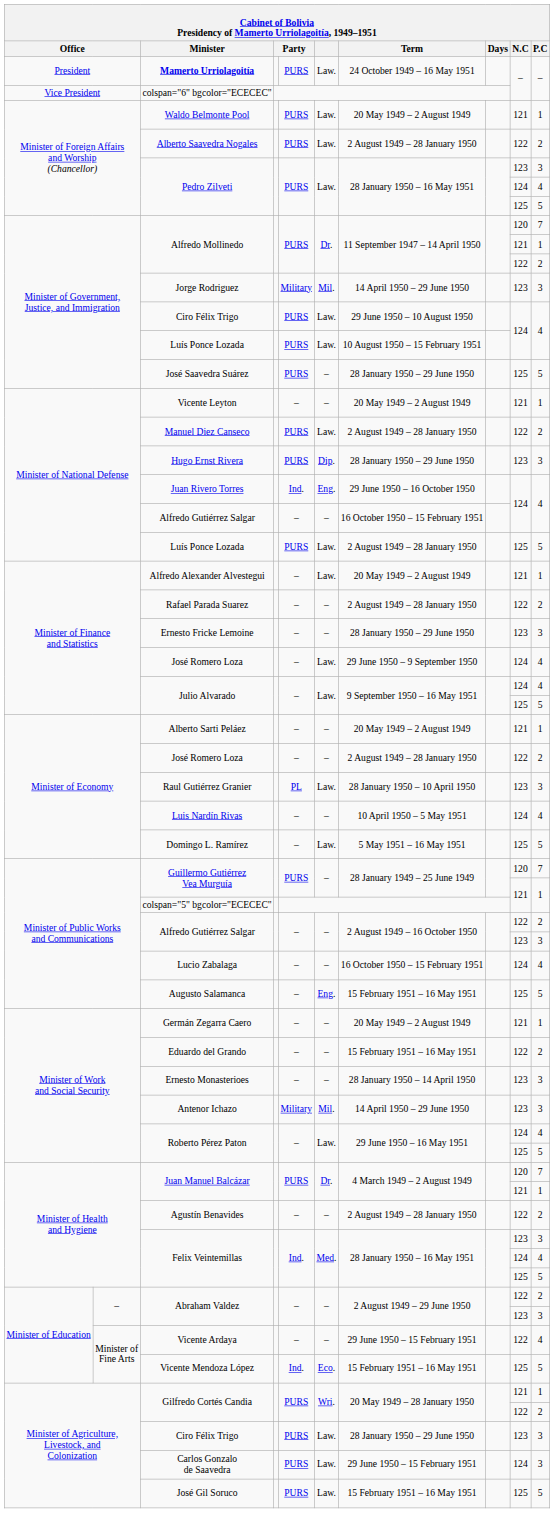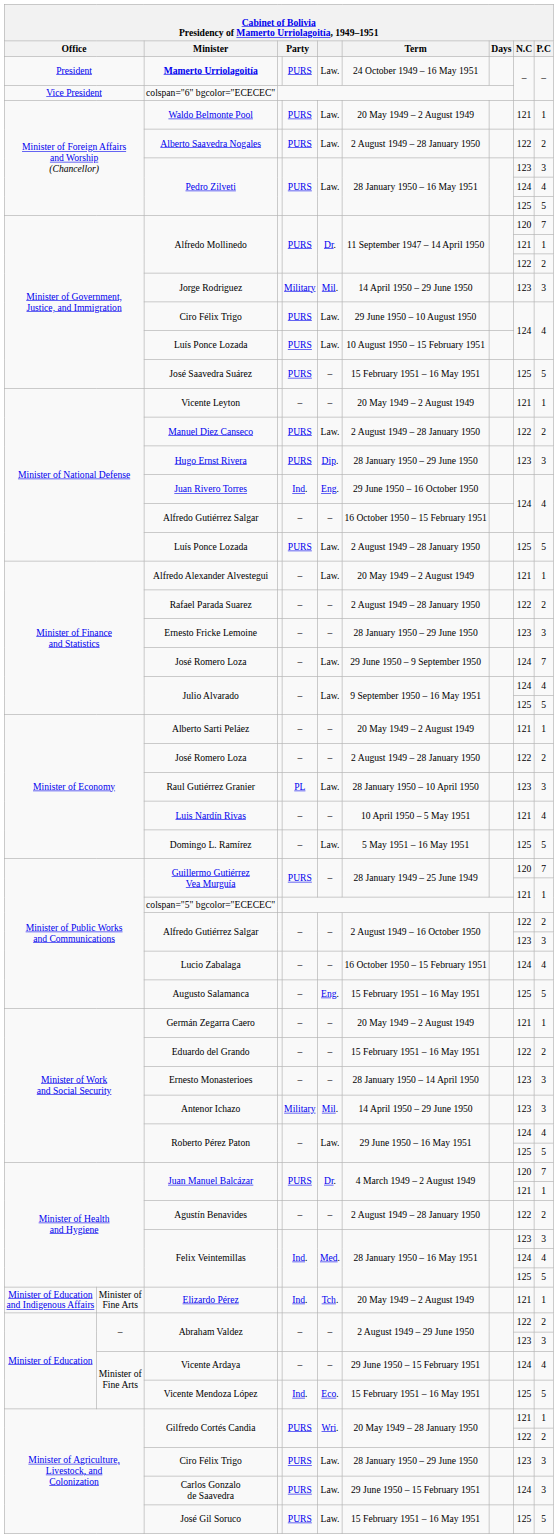 <table class="wikitable" style="text-align:center;">
 <tr>
 <th colspan="10" style="background-color:"><br><a href='#'>Cabinet of Bolivia</a><br>Presidency of <a href='#'>Mamerto Urriolagoitía</a>, 1949–1951</th>
 </tr>
 <tr style="font-weight:bold;">
 <th colspan="2">Office</th>
 <th>Minister</th>
 <th colspan="2">Party</th>
 <th></th>
 <th>Term</th>
 <th>Days</th>
 <th>N.C</th>
 <th>P.C<br></th>
 </tr>
 <tr style="height:3em;">
 <td colspan="2"><a href='#'>President</a></td>
 <td><strong><a href='#'>Mamerto Urriolagoitía</a></strong></td>
 <td style="background:"></td>
 <td><a href='#'>PURS</a></td>
 <td>Law.</td>
 <td>24 October 1949 – 16 May 1951<br></td>
 <td></td>
 <td rowspan="2">–</td>
 <td rowspan="2">–<br></td>
 </tr>
 <tr>
 <td colspan="2"><a href='#'>Vice President</a></td>
 <td>colspan="6" bgcolor="ECECEC" <br></td>
 </tr>
 <tr style="height:3em;">
 <td colspan="2" rowspan="5"><a href='#'>Minister of Foreign Affairs<br>and Worship</a><br><em>(Chancellor)</em></td>
 <td><a href='#'>Waldo Belmonte Pool</a></td>
 <td style="background:"></td>
 <td><a href='#'>PURS</a></td>
 <td>Law.</td>
 <td>20 May 1949 – 2 August 1949</td>
 <td></td>
 <td>121</td>
 <td>1</td>
 </tr>
 <tr style="height:3em;">
 <td><a href='#'>Alberto Saavedra Nogales</a></td>
 <td style="background:"></td>
 <td><a href='#'>PURS</a></td>
 <td>Law.</td>
 <td>2 August 1949 – 28 January 1950</td>
 <td></td>
 <td>122</td>
 <td>2</td>
 </tr>
 <tr style="height:2em;">
 <td rowspan="3"><a href='#'>Pedro Zilveti</a></td>
 <td rowspan="3" style="background:"></td>
 <td rowspan="3"><a href='#'>PURS</a></td>
 <td rowspan="3">Law.</td>
 <td rowspan="3">28 January 1950 – 16 May 1951</td>
 <td rowspan="3"></td>
 <td>123</td>
 <td>3</td>
 </tr>
 <tr style="height:2em;">
 <td>124</td>
 <td>4</td>
 </tr>
 <tr style="height:2em;">
 <td>125</td>
 <td>5<br></td>
 </tr>
 <tr style="height:2em;">
 <td colspan="2" rowspan="7"><a href='#'>Minister of Government,<br>Justice, and Immigration</a></td>
 <td rowspan="3">Alfredo Mollinedo</td>
 <td rowspan="3" style="background:"></td>
 <td rowspan="3"><a href='#'>PURS</a></td>
 <td rowspan="3"><a href='#'>Dr</a>.</td>
 <td rowspan="3">11 September 1947 – 14 April 1950</td>
 <td rowspan="3"></td>
 <td>120</td>
 <td>7</td>
 </tr>
 <tr style="height:2em;">
 <td>121</td>
 <td>1</td>
 </tr>
 <tr style="height:2em;">
 <td>122</td>
 <td>2</td>
 </tr>
 <tr style="height:3em;">
 <td>Jorge Rodriguez</td>
 <td style="background:"></td>
 <td><a href='#'>Military</a></td>
 <td><a href='#'>Mil</a>.</td>
 <td>14 April 1950 – 29 June 1950</td>
 <td></td>
 <td>123</td>
 <td>3</td>
 </tr>
 <tr style="height:3em;">
 <td>Ciro Félix Trigo</td>
 <td style="background:"></td>
 <td><a href='#'>PURS</a></td>
 <td>Law.</td>
 <td>29 June 1950 – 10 August 1950</td>
 <td></td>
 <td rowspan="2">124</td>
 <td rowspan="2">4</td>
 </tr>
 <tr style="height:3em;">
 <td>Luís Ponce Lozada</td>
 <td style="background:"></td>
 <td><a href='#'>PURS</a></td>
 <td>Law.</td>
 <td>10 August 1950 – 15 February 1951</td>
 <td></td>
 </tr>
 <tr style="height:3em;">
 <td>José Saavedra Suárez</td>
 <td style="background:"></td>
 <td><a href='#'>PURS</a></td>
 <td>–</td>
-<td>28 January 1950 – 29 June 1950</td>
+<td>15 February 1951 – 16 May 1951</td>
 <td></td>
 <td>125</td>
 <td>5<br></td>
 </tr>
 <tr style="height:3em;">
 <td colspan="2" rowspan="6"><a href='#'>Minister of National Defense</a></td>
 <td>Vicente Leyton</td>
 <td style="background:"></td>
 <td>–</td>
 <td>–</td>
 <td>20 May 1949 – 2 August 1949</td>
 <td></td>
 <td>121</td>
 <td>1</td>
 </tr>
 <tr style="height:3em;">
 <td><a href='#'>Manuel Diez Canseco</a></td>
 <td style="background:"></td>
 <td><a href='#'>PURS</a></td>
 <td>Law.</td>
 <td>2 August 1949 – 28 January 1950</td>
 <td></td>
 <td>122</td>
 <td>2</td>
 </tr>
 <tr style="height:3em;">
 <td><a href='#'>Hugo Ernst Rivera</a></td>
 <td style="background:"></td>
 <td><a href='#'>PURS</a></td>
 <td><a href='#'>Dip</a>.</td>
 <td>28 January 1950 – 29 June 1950</td>
 <td></td>
 <td>123</td>
 <td>3</td>
 </tr>
 <tr style="height:3em;">
 <td><a href='#'>Juan Rivero Torres</a></td>
 <td style="background:"></td>
 <td><a href='#'>Ind</a>.</td>
 <td><a href='#'>Eng</a>.</td>
 <td>29 June 1950 – 16 October 1950</td>
 <td></td>
 <td rowspan="2">124</td>
 <td rowspan="2">4</td>
 </tr>
 <tr style="height:3em;">
 <td>Alfredo Gutiérrez Salgar</td>
 <td style="background:"></td>
 <td>–</td>
 <td>–</td>
 <td>16 October 1950 – 15 February 1951</td>
 <td></td>
 </tr>
 <tr style="height:3em;">
 <td>Luís Ponce Lozada</td>
 <td style="background:"></td>
 <td><a href='#'>PURS</a></td>
 <td>Law.</td>
 <td>2 August 1949 – 28 January 1950</td>
 <td></td>
 <td>125</td>
 <td>5<br></td>
 </tr>
 <tr style="height:3em;">
 <td colspan="2" rowspan="6"><a href='#'>Minister of Finance<br>and Statistics</a></td>
 <td>Alfredo Alexander Alvestegui</td>
 <td style="background:"></td>
 <td>–</td>
 <td>Law.</td>
 <td>20 May 1949 – 2 August 1949</td>
 <td></td>
 <td>121</td>
 <td>1</td>
 </tr>
 <tr style="height:3em;">
 <td>Rafael Parada Suarez</td>
 <td style="background:"></td>
 <td>–</td>
 <td>–</td>
 <td>2 August 1949 – 28 January 1950</td>
 <td></td>
 <td>122</td>
 <td>2</td>
 </tr>
 <tr style="height:3em;">
 <td>Ernesto Fricke Lemoine</td>
 <td style="background:"></td>
 <td>–</td>
 <td>–</td>
 <td>28 January 1950 – 29 June 1950</td>
 <td></td>
 <td>123</td>
 <td>3</td>
 </tr>
 <tr style="height:3em;">
 <td>José Romero Loza</td>
 <td style="background:"></td>
 <td>–</td>
 <td>Law.</td>
 <td>29 June 1950 – 9 September 1950</td>
 <td></td>
 <td>124</td>
-<td>4</td>
+<td>7</td>
 </tr>
 <tr style="height:2em;">
 <td rowspan="2">Julio Alvarado</td>
 <td rowspan="2" style="background:"></td>
 <td rowspan="2">–</td>
 <td rowspan="2">Law.</td>
 <td rowspan="2">9 September 1950 – 16 May 1951</td>
 <td rowspan="2"></td>
 <td>124</td>
 <td>4</td>
 </tr>
 <tr style="height:2em;">
 <td>125</td>
 <td>5<br></td>
 </tr>
 <tr style="height:3em;">
 <td colspan="2" rowspan="5"><a href='#'>Minister of Economy</a></td>
 <td>Alberto Sarti Peláez</td>
 <td style="background:"></td>
 <td>–</td>
 <td>–</td>
 <td>20 May 1949 – 2 August 1949</td>
 <td></td>
 <td>121</td>
 <td>1</td>
 </tr>
 <tr style="height:3em;">
 <td>José Romero Loza</td>
 <td style="background:"></td>
 <td>–</td>
 <td>–</td>
 <td>2 August 1949 – 28 January 1950</td>
 <td></td>
 <td>122</td>
 <td>2</td>
 </tr>
 <tr style="height:3em;">
 <td>Raul Gutiérrez Granier</td>
 <td style="background:"></td>
 <td><a href='#'>PL</a></td>
 <td>Law.</td>
 <td>28 January 1950 – 10 April 1950</td>
 <td></td>
 <td>123</td>
 <td>3</td>
 </tr>
 <tr style="height:3em;">
 <td><a href='#'>Luis Nardín Rivas</a></td>
 <td style="background:"></td>
 <td>–</td>
 <td>–</td>
 <td>10 April 1950 – 5 May 1951</td>
 <td></td>
-<td>124</td>
+<td>121</td>
 <td>4</td>
 </tr>
 <tr style="height:3em;">
 <td>Domingo L. Ramírez</td>
 <td style="background:"></td>
 <td>–</td>
 <td>Law.</td>
 <td>5 May 1951 – 16 May 1951</td>
 <td></td>
 <td>125</td>
 <td>5<br></td>
 </tr>
 <tr style="height:2em;">
 <td colspan="2" rowspan="7"><a href='#'>Minister of Public Works<br>and Communications</a></td>
 <td rowspan="2"><a href='#'>Guillermo Gutiérrez<br>Vea Murguía</a></td>
 <td rowspan="2" style="background:"></td>
 <td rowspan="2"><a href='#'>PURS</a></td>
 <td rowspan="2">–</td>
 <td rowspan="2">28 January 1949 – 25 June 1949</td>
 <td rowspan="2"></td>
 <td>120</td>
 <td>7</td>
 </tr>
 <tr style="height:2em;">
 <td rowspan="2">121</td>
 <td rowspan="2">1</td>
 </tr>
 <tr>
 <td>colspan="5" bgcolor="ECECEC" </td>
 <td></td>
 </tr>
 <tr style="height:2em;">
 <td rowspan="2">Alfredo Gutiérrez Salgar</td>
 <td rowspan="2" style="background:"></td>
 <td rowspan="2">–</td>
 <td rowspan="2">–</td>
 <td rowspan="2">2 August 1949 – 16 October 1950</td>
 <td rowspan="2"></td>
 <td>122</td>
 <td>2</td>
 </tr>
 <tr style="height:2em;">
 <td>123</td>
 <td>3</td>
 </tr>
 <tr style="height:3em;">
 <td>Lucio Zabalaga</td>
 <td style="background:"></td>
 <td>–</td>
 <td>–</td>
 <td>16 October 1950 – 15 February 1951</td>
 <td></td>
 <td>124</td>
 <td>4</td>
 </tr>
 <tr style="height:3em;">
 <td>Augusto Salamanca</td>
 <td style="background:"></td>
 <td>–</td>
 <td><a href='#'>Eng</a>.</td>
 <td>15 February 1951 – 16 May 1951</td>
 <td></td>
 <td>125</td>
 <td>5<br></td>
 </tr>
 <tr style="height:3em;">
 <td colspan="2" rowspan="6"><a href='#'>Minister of Work<br>and Social Security</a></td>
 <td>Germán Zegarra Caero</td>
 <td style="background:"></td>
 <td>–</td>
 <td>–</td>
 <td>20 May 1949 – 2 August 1949</td>
 <td></td>
 <td>121</td>
 <td>1</td>
 </tr>
 <tr style="height:3em;">
 <td>Eduardo del Grando</td>
 <td style="background:"></td>
 <td>–</td>
 <td>–</td>
 <td>15 February 1951 – 16 May 1951</td>
 <td></td>
 <td>122</td>
 <td>2</td>
 </tr>
 <tr style="height:3em;">
 <td>Ernesto Monasterioes</td>
 <td style="background:"></td>
 <td>–</td>
 <td>–</td>
 <td>28 January 1950 – 14 April 1950</td>
 <td></td>
 <td>123</td>
 <td>3</td>
 </tr>
 <tr style="height:3em;">
 <td>Antenor Ichazo</td>
 <td style="background:"></td>
 <td><a href='#'>Military</a></td>
 <td><a href='#'>Mil</a>.</td>
 <td>14 April 1950 – 29 June 1950</td>
 <td></td>
 <td>123</td>
 <td>3</td>
 </tr>
 <tr style="height:2em;">
 <td rowspan="2">Roberto Pérez Paton</td>
 <td rowspan="2" style="background:"></td>
 <td rowspan="2">–</td>
 <td rowspan="2">Law.</td>
 <td rowspan="2">29 June 1950 – 16 May 1951</td>
 <td rowspan="2"></td>
 <td>124</td>
 <td>4</td>
 </tr>
 <tr style="height:2em;">
 <td>125</td>
 <td>5<br></td>
 </tr>
 <tr style="height:2em;">
 <td colspan="2" rowspan="6"><a href='#'>Minister of Health<br>and Hygiene</a></td>
 <td rowspan="2"><a href='#'>Juan Manuel Balcázar</a></td>
 <td rowspan="2" style="background:"></td>
 <td rowspan="2"><a href='#'>PURS</a></td>
 <td rowspan="2"><a href='#'>Dr</a>.</td>
 <td rowspan="2">4 March 1949 – 2 August 1949</td>
 <td rowspan="2"></td>
 <td>120</td>
 <td>7</td>
 </tr>
 <tr style="height:2em;">
 <td>121</td>
 <td>1</td>
 </tr>
 <tr style="height:3em;">
 <td>Agustín Benavides</td>
 <td style="background:"></td>
 <td>–</td>
 <td>–</td>
 <td>2 August 1949 – 28 January 1950</td>
 <td></td>
 <td>122</td>
 <td>2</td>
 </tr>
 <tr style="height:2em;">
 <td rowspan="3">Felix Veintemillas</td>
 <td rowspan="3" style="background:"></td>
 <td rowspan="3"><a href='#'>Ind</a>.</td>
 <td rowspan="3"><a href='#'>Med</a>.</td>
 <td rowspan="3">28 January 1950 – 16 May 1951</td>
 <td rowspan="3"></td>
 <td>123</td>
 <td>3</td>
 </tr>
 <tr style="height:2em;">
 <td>124</td>
 <td>4</td>
 </tr>
 <tr style="height:2em;">
 <td>125</td>
 <td>5<br></td>
 </tr>
 <tr style="height:2em;">
+<td><a href='#'>Minister of Education<br>and Indigenous Affairs</a></td>
+<td>Minister of<br>Fine Arts</td>
+<td><a href='#'>Elizardo Pérez</a></td>
+<td style="background:"></td>
+<td><a href='#'>Ind</a>.</td>
+<td><a href='#'>Tch</a>.</td>
+<td>20 May 1949 – 2 August 1949</td>
+<td></td>
+<td>121</td>
+<td>1</td>
+</tr>
+<tr style="height:2em;">
 <td rowspan="4"><a href='#'>Minister of Education</a></td>
 <td rowspan="2">–</td>
 <td rowspan="2">Abraham Valdez</td>
 <td rowspan="2" style="background:"></td>
 <td rowspan="2">–</td>
 <td rowspan="2">–</td>
 <td rowspan="2">2 August 1949 – 29 June 1950</td>
 <td rowspan="2"></td>
 <td>122</td>
 <td>2</td>
 </tr>
 <tr style="height:2em;">
 <td>123</td>
 <td>3</td>
 </tr>
 <tr style="height:3em;">
 <td rowspan="2">Minister of<br>Fine Arts</td>
 <td>Vicente Ardaya</td>
 <td style="background:"></td>
 <td>–</td>
 <td>–</td>
 <td>29 June 1950 – 15 February 1951</td>
 <td></td>
-<td>122</td>
+<td>124</td>
 <td>4</td>
 </tr>
 <tr style="height:3em;">
 <td>Vicente Mendoza López</td>
 <td style="background:"></td>
 <td><a href='#'>Ind</a>.</td>
 <td><a href='#'>Eco</a>.</td>
 <td>15 February 1951 – 16 May 1951</td>
 <td></td>
 <td>125</td>
 <td>5<br></td>
 </tr>
 <tr style="height:2em;">
 <td colspan="2" rowspan="5"><a href='#'>Minister of Agriculture,<br>Livestock, and<br>Colonization</a></td>
 <td rowspan="2">Gilfredo Cortés Candia</td>
 <td rowspan="2" style="background:"></td>
 <td rowspan="2"><a href='#'>PURS</a></td>
 <td rowspan="2"><a href='#'>Wri</a>.</td>
 <td rowspan="2">20 May 1949 – 28 January 1950</td>
 <td rowspan="2"></td>
 <td>121</td>
 <td>1</td>
 </tr>
 <tr style="height:2em;">
 <td>122</td>
 <td>2</td>
 </tr>
 <tr style="height:3em;">
 <td>Ciro Félix Trigo</td>
 <td style="background:"></td>
 <td><a href='#'>PURS</a></td>
 <td>Law.</td>
 <td>28 January 1950 – 29 June 1950</td>
 <td></td>
 <td>123</td>
 <td>3</td>
 </tr>
 <tr style="height:3em;">
 <td>Carlos Gonzalo<br>de Saavedra</td>
 <td style="background:"></td>
 <td><a href='#'>PURS</a></td>
 <td>Law.</td>
 <td>29 June 1950 – 15 February 1951</td>
 <td></td>
 <td>124</td>
 <td>3</td>
 </tr>
 <tr style="height:3em;">
 <td>José Gil Soruco</td>
 <td style="background:"></td>
 <td><a href='#'>PURS</a></td>
 <td>Law.</td>
 <td>15 February 1951 – 16 May 1951</td>
 <td></td>
 <td>125</td>
 <td>5</td>
 </tr>
 </table>
